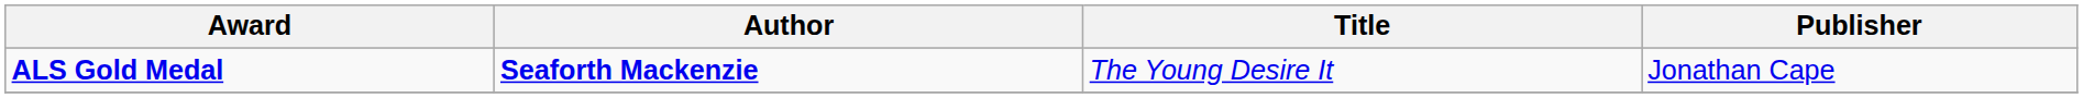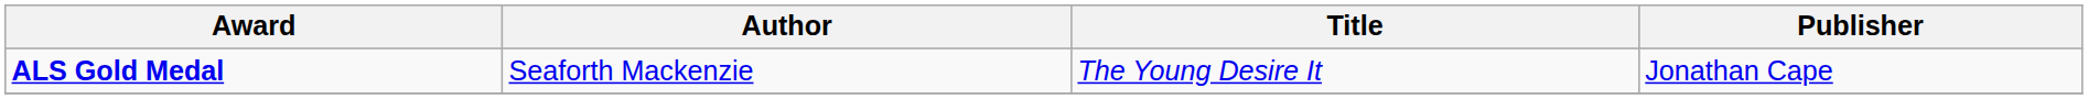 <table class="wikitable" width=95%>
 <tr>
 <th>Award</th>
 <th>Author</th>
 <th>Title</th>
 <th>Publisher</th>
 </tr>
 <tr>
 <td><strong><a href='#'>ALS Gold Medal</a></strong></td>
-<td><strong><a href='#'>Seaforth Mackenzie</a></strong></td>
+<td><a href='#'>Seaforth Mackenzie</a></td>
 <td><em><a href='#'>The Young Desire It</a></em></td>
 <td><a href='#'>Jonathan Cape</a></td>
 </tr>
 <tr>
 </tr>
 </table>
